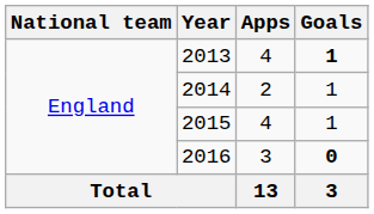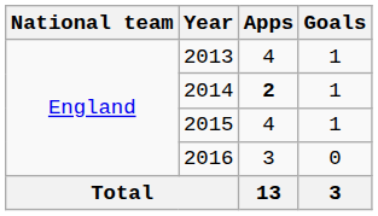 <table class=wikitable style=text-align:center>
 <tr>
 <th>National team</th>
 <th>Year</th>
 <th>Apps</th>
 <th>Goals</th>
 </tr>
 <tr>
 <td rowspan=4><a href='#'>England</a></td>
 <td>2013</td>
 <td>4</td>
-<td><strong>1</strong></td>
+<td>1</td>
 </tr>
 <tr>
 <td>2014</td>
-<td>2</td>
+<td><strong>2</strong></td>
 <td>1</td>
 </tr>
 <tr>
 <td>2015</td>
 <td>4</td>
 <td>1</td>
 </tr>
 <tr>
 <td>2016</td>
 <td>3</td>
-<td><strong>0</strong></td>
+<td>0</td>
 </tr>
 <tr>
 <th colspan=2>Total</th>
 <th>13</th>
 <th>3</th>
 </tr>
 </table>
